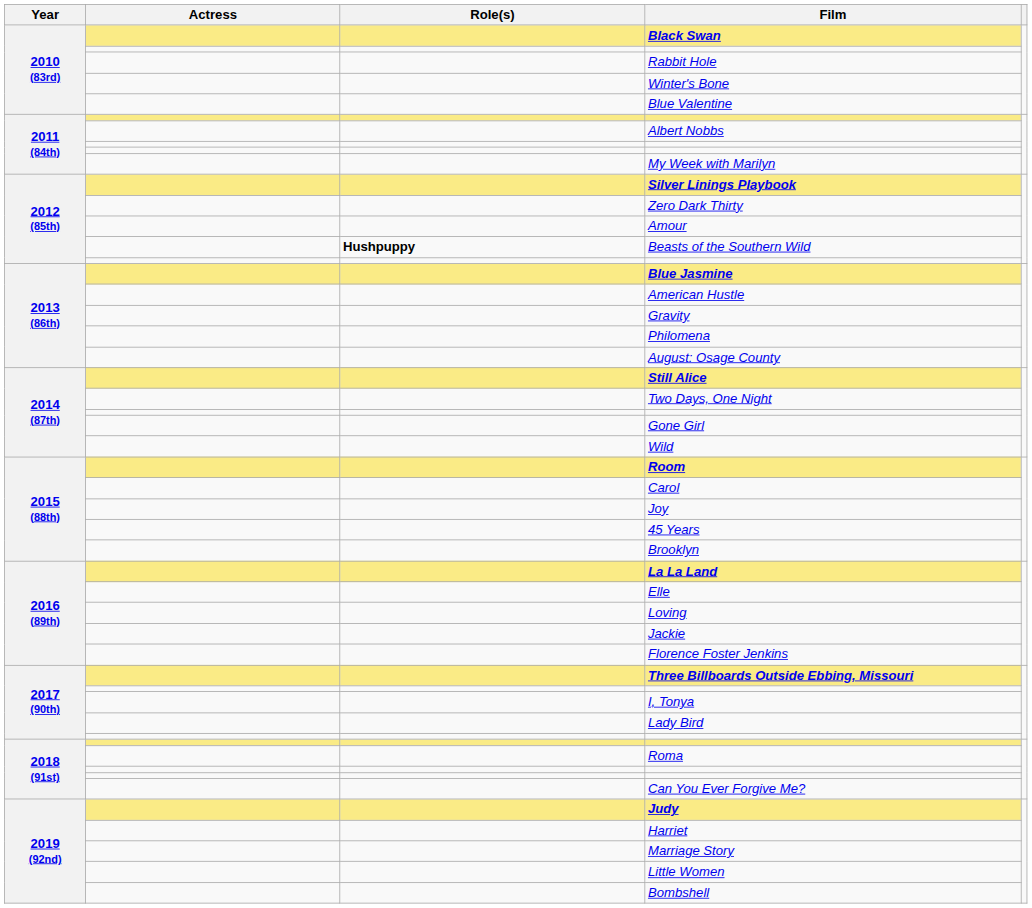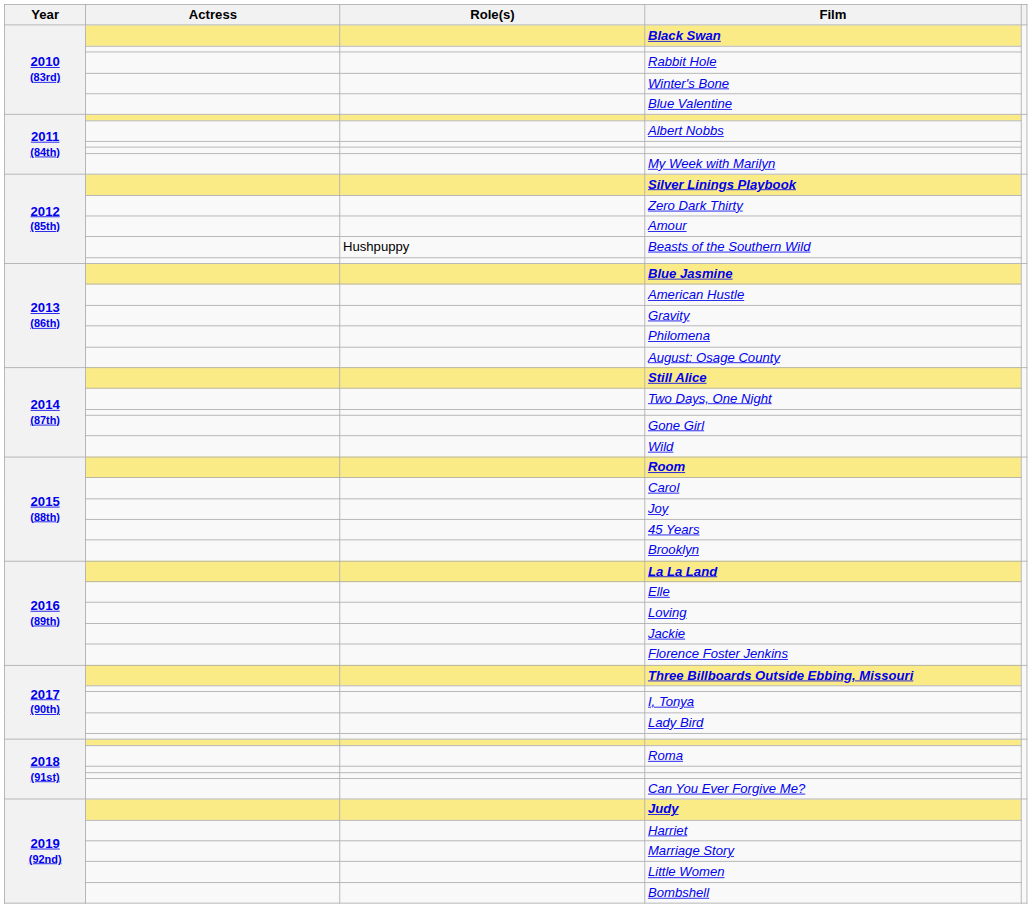 <table class="wikitable sortable">
 <tr>
 <th scope="col" style="width:8%;">Year</th>
 <th scope="col" style="width:25%;">Actress</th>
 <th scope="col" style="width:30%;">Role(s)</th>
 <th scope="col" style="width:70%;">Film</th>
 <th scope="col" style="width:2%;" class="unsortable"></th>
 </tr>
 <tr>
 <th scope="row" rowspan=5 style="text-align:center"><a href='#'>2010</a><br><small><a href='#'>(83rd)</a> </small></th>
 <td style="background:#FAEB86;"><strong> </strong></td>
 <td style="background:#FAEB86;"><strong></strong></td>
 <td style="background:#FAEB86;"><strong><em><a href='#'>Black Swan</a></em></strong></td>
 <td rowspan=5></td>
 </tr>
 <tr>
 <td></td>
 <td></td>
 <td></td>
 </tr>
 <tr>
 <td></td>
 <td></td>
 <td><em><a href='#'>Rabbit Hole</a></em></td>
 </tr>
 <tr>
 <td></td>
 <td></td>
 <td><em><a href='#'>Winter's Bone</a></em></td>
 </tr>
 <tr>
 <td></td>
 <td></td>
 <td><em><a href='#'>Blue Valentine</a></em></td>
 </tr>
 <tr>
 <th scope="row" rowspan=5 style="text-align:center"><a href='#'>2011</a><br><small><a href='#'>(84th)</a> </small></th>
 <td style="background:#FAEB86;"><strong> </strong></td>
 <td style="background:#FAEB86;"><strong></strong></td>
 <td style="background:#FAEB86;"><strong></strong></td>
 <td rowspan=5></td>
 </tr>
 <tr>
 <td></td>
 <td></td>
 <td><em><a href='#'>Albert Nobbs</a></em></td>
 </tr>
 <tr>
 <td></td>
 <td></td>
 <td></td>
 </tr>
 <tr>
 <td></td>
 <td></td>
 <td></td>
 </tr>
 <tr>
 <td></td>
 <td></td>
 <td><em><a href='#'>My Week with Marilyn</a></em></td>
 </tr>
 <tr>
 <th scope="row" rowspan=5 style="text-align:center"><a href='#'>2012</a><br><small><a href='#'>(85th)</a> </small></th>
 <td style="background:#FAEB86;"><strong> </strong></td>
 <td style="background:#FAEB86;"><strong></strong></td>
 <td style="background:#FAEB86;"><strong><em><a href='#'>Silver Linings Playbook</a></em></strong></td>
 <td rowspan=5></td>
 </tr>
 <tr>
 <td></td>
 <td></td>
 <td><em><a href='#'>Zero Dark Thirty</a></em></td>
 </tr>
 <tr>
 <td></td>
 <td></td>
 <td><em><a href='#'>Amour</a></em></td>
 </tr>
 <tr>
 <td></td>
-<td><strong>Hushpuppy</strong></td>
+<td>Hushpuppy</td>
 <td><em><a href='#'>Beasts of the Southern Wild</a></em></td>
 </tr>
 <tr>
 <td></td>
 <td></td>
 <td></td>
 </tr>
 <tr>
 <th scope="row" rowspan=5 style="text-align:center"><a href='#'>2013</a><br><small><a href='#'>(86th)</a> </small></th>
 <td style="background:#FAEB86;"><strong> </strong></td>
 <td style="background:#FAEB86;"><strong></strong></td>
 <td style="background:#FAEB86;"><strong><em><a href='#'>Blue Jasmine</a></em></strong></td>
 <td rowspan=5></td>
 </tr>
 <tr>
 <td></td>
 <td></td>
 <td><em><a href='#'>American Hustle</a></em></td>
 </tr>
 <tr>
 <td></td>
 <td></td>
 <td><em><a href='#'>Gravity</a></em></td>
 </tr>
 <tr>
 <td></td>
 <td></td>
 <td><em><a href='#'>Philomena</a></em></td>
 </tr>
 <tr>
 <td></td>
 <td></td>
 <td><em><a href='#'>August: Osage County</a></em></td>
 </tr>
 <tr>
 <th scope="row" rowspan=5 style="text-align:center"><a href='#'>2014</a><br><small><a href='#'>(87th)</a> </small></th>
 <td style="background:#FAEB86;"><strong> </strong></td>
 <td style="background:#FAEB86;"><strong></strong></td>
 <td style="background:#FAEB86;"><strong><em><a href='#'>Still Alice</a></em></strong></td>
 <td rowspan=5></td>
 </tr>
 <tr>
 <td></td>
 <td></td>
 <td><em><a href='#'>Two Days, One Night</a></em></td>
 </tr>
 <tr>
 <td></td>
 <td></td>
 <td></td>
 </tr>
 <tr>
 <td></td>
 <td></td>
 <td><em><a href='#'>Gone Girl</a></em></td>
 </tr>
 <tr>
 <td></td>
 <td></td>
 <td><em><a href='#'>Wild</a></em></td>
 </tr>
 <tr>
 <th scope="row" rowspan=5 style="text-align:center"><a href='#'>2015</a><br><small><a href='#'>(88th)</a> </small></th>
 <td style="background:#FAEB86;"><strong> </strong></td>
 <td style="background:#FAEB86;"><strong></strong></td>
 <td style="background:#FAEB86;"><strong><em><a href='#'>Room</a></em></strong></td>
 <td rowspan=5></td>
 </tr>
 <tr>
 <td></td>
 <td></td>
 <td><em><a href='#'>Carol</a></em></td>
 </tr>
 <tr>
 <td></td>
 <td></td>
 <td><em><a href='#'>Joy</a></em></td>
 </tr>
 <tr>
 <td></td>
 <td></td>
 <td><em><a href='#'>45 Years</a></em></td>
 </tr>
 <tr>
 <td></td>
 <td></td>
 <td><em><a href='#'>Brooklyn</a></em></td>
 </tr>
 <tr>
 <th scope="row" rowspan=5 style="text-align:center"><a href='#'>2016</a><br><small><a href='#'>(89th)</a> </small></th>
 <td style="background:#FAEB86;"><strong> </strong></td>
 <td style="background:#FAEB86;"><strong></strong></td>
 <td style="background:#FAEB86;"><strong><em><a href='#'>La La Land</a></em></strong></td>
 <td rowspan=5></td>
 </tr>
 <tr>
 <td></td>
 <td></td>
 <td><em><a href='#'>Elle</a></em></td>
 </tr>
 <tr>
 <td></td>
 <td></td>
 <td><em><a href='#'>Loving</a></em></td>
 </tr>
 <tr>
 <td></td>
 <td></td>
 <td><em><a href='#'>Jackie</a></em></td>
 </tr>
 <tr>
 <td></td>
 <td></td>
 <td><em><a href='#'>Florence Foster Jenkins</a></em></td>
 </tr>
 <tr>
 <th scope="row" rowspan=5 style="text-align:center"><a href='#'>2017</a><br><small><a href='#'>(90th)</a> </small></th>
 <td style="background:#FAEB86;"><strong> </strong></td>
 <td style="background:#FAEB86;"><strong></strong></td>
 <td style="background:#FAEB86;"><strong><em><a href='#'>Three Billboards Outside Ebbing, Missouri</a></em></strong></td>
 <td rowspan=5></td>
 </tr>
 <tr>
 <td></td>
 <td></td>
 <td></td>
 </tr>
 <tr>
 <td></td>
 <td></td>
 <td><em><a href='#'>I, Tonya</a></em></td>
 </tr>
 <tr>
 <td></td>
 <td></td>
 <td><em><a href='#'>Lady Bird</a></em></td>
 </tr>
 <tr>
 <td></td>
 <td></td>
 <td></td>
 </tr>
 <tr>
 <th scope="row" rowspan=5 style="text-align:center"><a href='#'>2018</a><br><small><a href='#'>(91st)</a> </small></th>
 <td style="background:#FAEB86;"><strong> </strong></td>
 <td style="background:#FAEB86;"><strong></strong></td>
 <td style="background:#FAEB86;"><strong></strong></td>
 <td rowspan=5></td>
 </tr>
 <tr>
 <td></td>
 <td></td>
 <td><em><a href='#'>Roma</a></em></td>
 </tr>
 <tr>
 <td></td>
 <td></td>
 <td></td>
 </tr>
 <tr>
 <td></td>
 <td></td>
 <td></td>
 </tr>
 <tr>
 <td></td>
 <td></td>
 <td><em><a href='#'>Can You Ever Forgive Me?</a></em></td>
 </tr>
 <tr>
 <th scope="row" rowspan=5 style="text-align:center"><a href='#'>2019</a><br><small><a href='#'>(92nd)</a> </small></th>
 <td style="background:#FAEB86;"><strong> </strong></td>
 <td style="background:#FAEB86;"><strong></strong></td>
 <td style="background:#FAEB86;"><strong><em><a href='#'>Judy</a></em></strong></td>
 <td rowspan=5></td>
 </tr>
 <tr>
 <td></td>
 <td></td>
 <td><em><a href='#'>Harriet</a></em></td>
 </tr>
 <tr>
 <td></td>
 <td></td>
 <td><em><a href='#'>Marriage Story</a></em></td>
 </tr>
 <tr>
 <td></td>
 <td></td>
 <td><em><a href='#'>Little Women</a></em></td>
 </tr>
 <tr>
 <td></td>
 <td></td>
 <td><em><a href='#'>Bombshell</a></em></td>
 </tr>
 </table>
